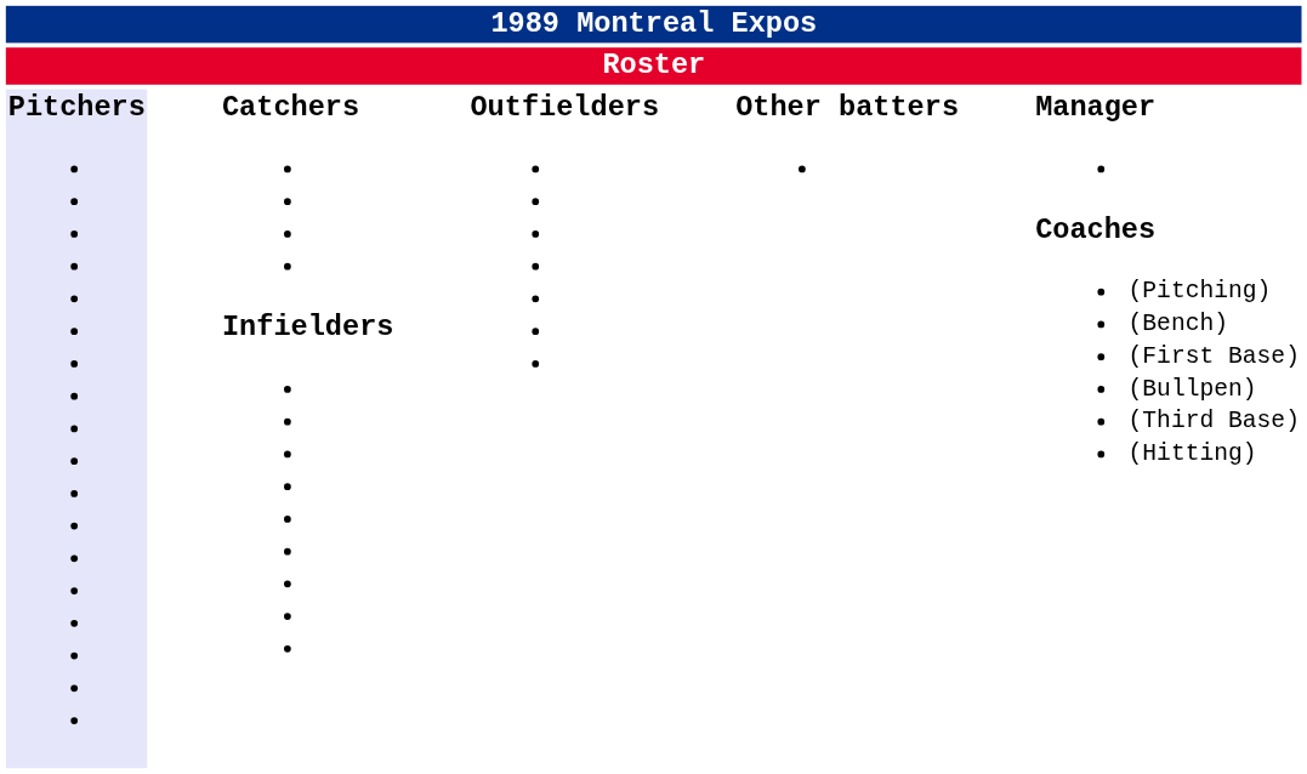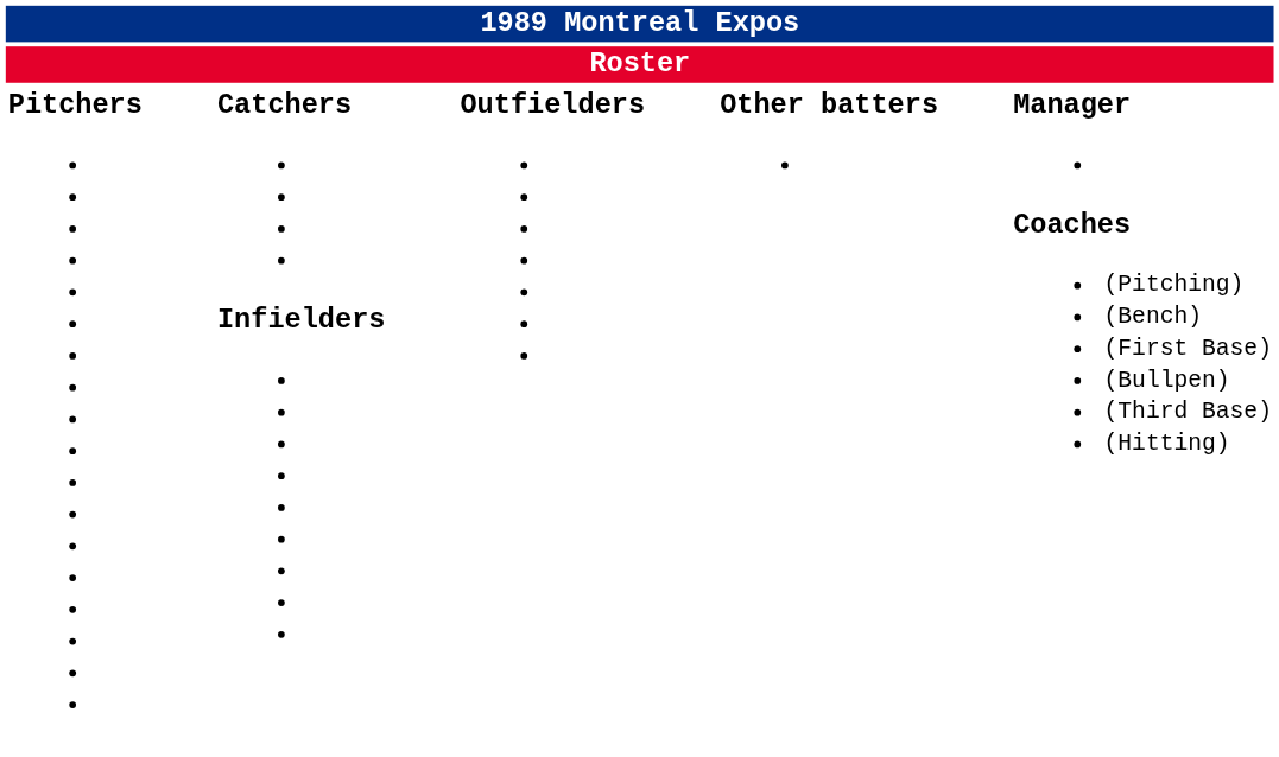 <table class="toccolours" style="font-size: 95%;">
 <tr>
 <th colspan="10" style="background-color: #003087; color: #FFFFFF; text-align: center;">1989 Montreal Expos</th>
 </tr>
 <tr>
 <td colspan="10" style="background-color: #E4002B; color: #FFFFFF; text-align: center;"><strong>Roster</strong></td>
 </tr>
 <tr>
-<td valign="top" style="background: lavender;"><strong>Pitchers</strong><br><ul><li></li><li></li><li></li><li></li><li></li><li></li><li></li><li></li><li></li><li></li><li></li><li></li><li></li><li></li><li></li><li></li><li></li><li></li></ul></td>
+<td valign="top"><strong>Pitchers</strong><br><ul><li></li><li></li><li></li><li></li><li></li><li></li><li></li><li></li><li></li><li></li><li></li><li></li><li></li><li></li><li></li><li></li><li></li><li></li></ul></td>
 <td width="25px"></td>
 <td valign="top"><strong>Catchers</strong><br><ul><li></li><li></li><li></li><li></li></ul><strong>Infielders</strong><ul><li></li><li></li><li></li><li></li><li></li><li></li><li></li><li></li><li></li></ul></td>
 <td width="25px"></td>
 <td valign="top"><strong>Outfielders</strong><br><ul><li></li><li></li><li></li><li></li><li></li><li></li><li></li></ul></td>
 <td width="25px'"></td>
 <td valign="top"><strong>Other batters</strong><br><ul><li></li></ul></td>
 <td width="25px"></td>
 <td valign="top"><strong>Manager</strong><br><ul><li></li></ul><strong>Coaches</strong><ul><li> <small>(Pitching)</small></li><li> <small>(Bench)</small></li><li> <small>(First Base)</small></li><li> <small>(Bullpen)</small></li><li> <small>(Third Base)</small></li><li> <small>(Hitting)</small></li></ul></td>
 </tr>
 <tr>
 </tr>
 </table>
